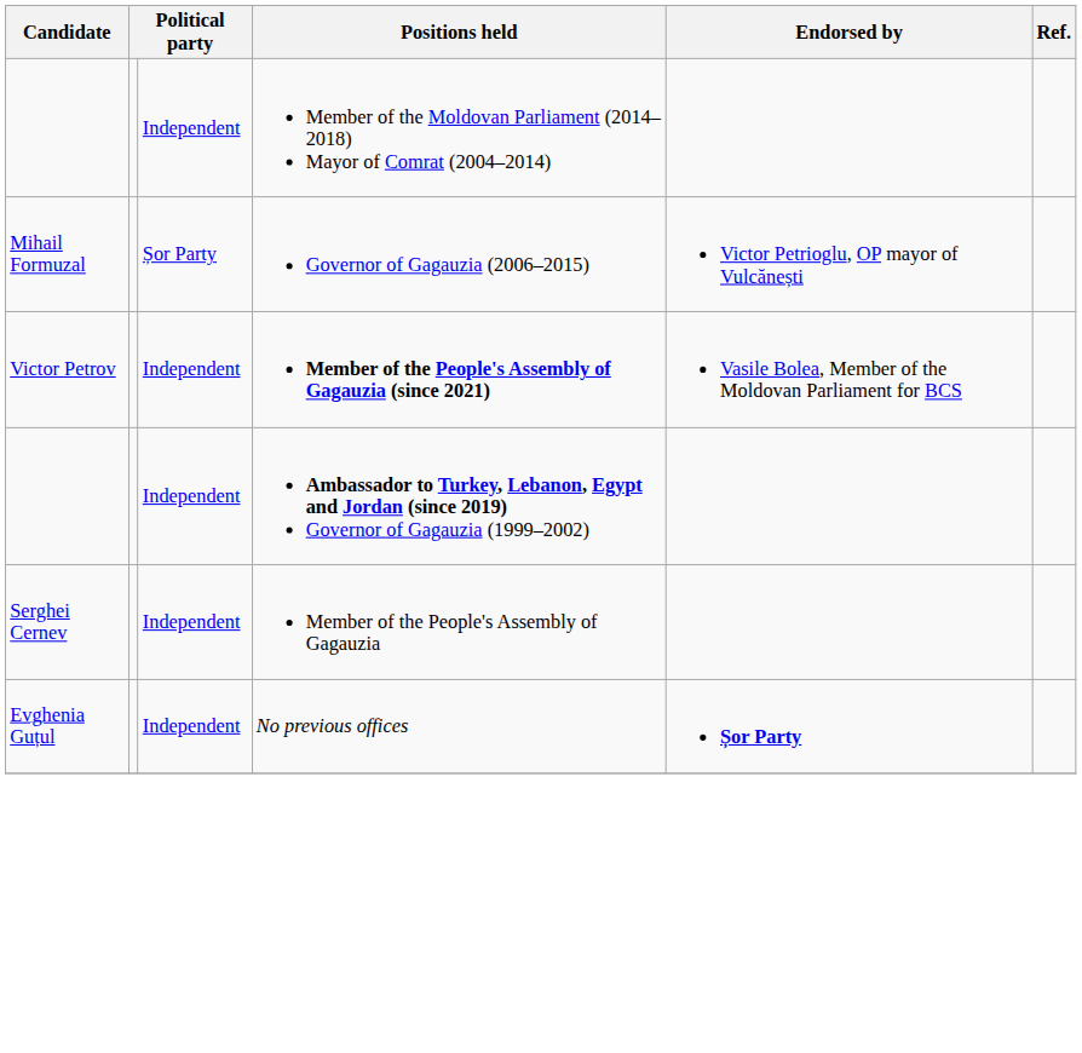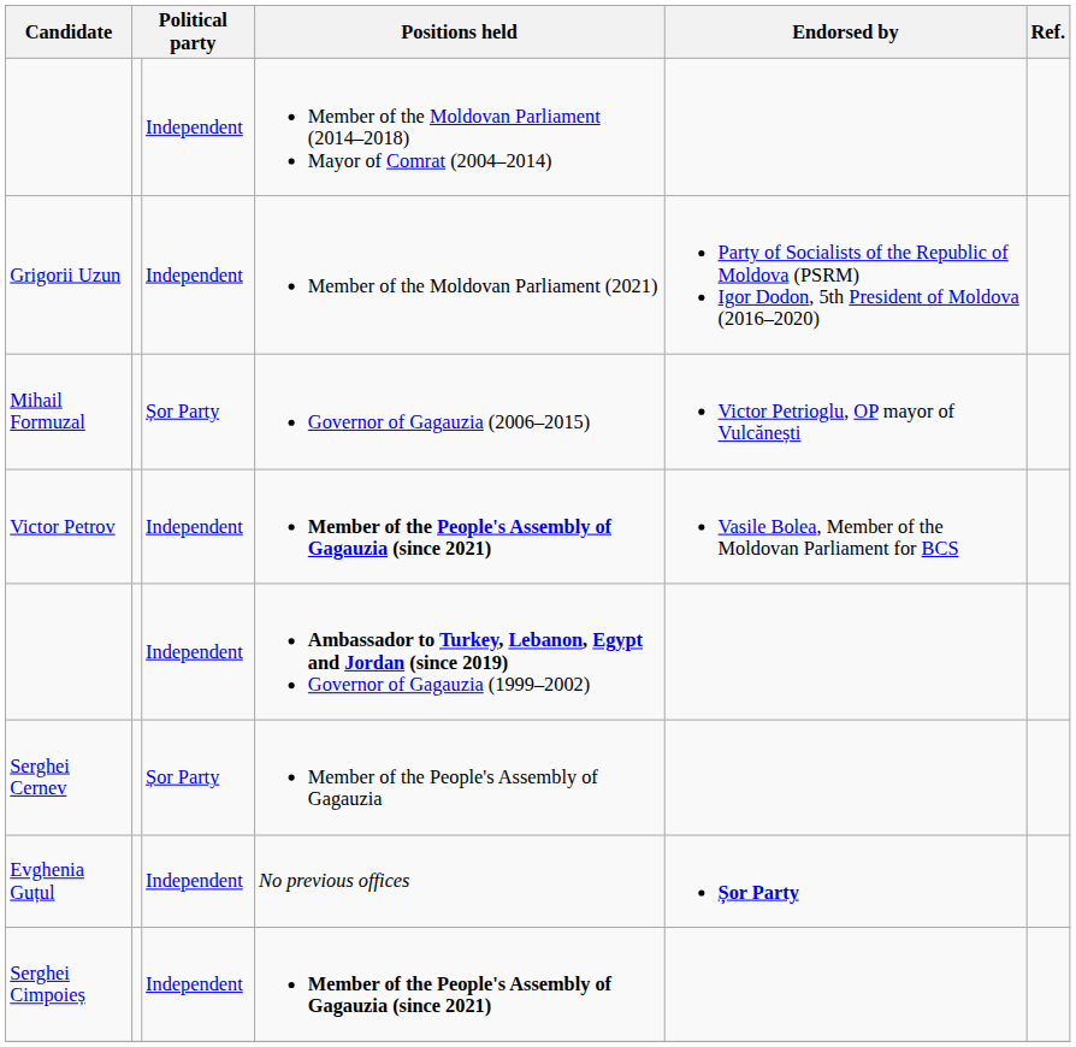 <table class="wikitable sortable">
 <tr>
 <th>Candidate</th>
 <th colspan="2">Political party</th>
 <th>Positions held</th>
 <th>Endorsed by</th>
 <th>Ref.</th>
 </tr>
 <tr>
 <td></td>
 <td style="background:"></td>
 <td><a href='#'>Independent</a></td>
 <td><br><ul><li>Member of the <a href='#'>Moldovan Parliament</a> (2014–2018)</li><li>Mayor of <a href='#'>Comrat</a> (2004–2014)</li></ul></td>
 <td></td>
+<td></td>
+</tr>
+<tr>
+<td><a href='#'>Grigorii Uzun</a></td>
+<td style="background:"></td>
+<td><a href='#'>Independent</a></td>
+<td><br><ul><li>Member of the Moldovan Parliament (2021)</li></ul></td>
+<td><br><ul><li><a href='#'>Party of Socialists of the Republic of Moldova</a> (PSRM)</li><li><a href='#'>Igor Dodon</a>, 5th <a href='#'>President of Moldova</a> (2016–2020)</li></ul></td>
 <td></td>
 </tr>
 <tr>
 <td><a href='#'>Mihail Formuzal</a></td>
 <td style="background:"></td>
 <td><a href='#'>Șor Party</a></td>
 <td><br><ul><li><a href='#'>Governor of Gagauzia</a> (2006–2015)</li></ul></td>
 <td><br><ul><li><a href='#'>Victor Petrioglu</a>, <a href='#'>OP</a> mayor of <a href='#'>Vulcănești</a></li></ul></td>
 <td></td>
 </tr>
 <tr>
 <td><a href='#'>Victor Petrov</a></td>
 <td style="background:"></td>
 <td><a href='#'>Independent</a></td>
 <td><br><ul><li><strong>Member of the <a href='#'>People's Assembly of Gagauzia</a> (since 2021)</strong></li></ul></td>
 <td><br><ul><li><a href='#'>Vasile Bolea</a>, Member of the Moldovan Parliament for <a href='#'>BCS</a></li></ul></td>
 <td></td>
 </tr>
 <tr>
 <td></td>
 <td style="background:"></td>
 <td><a href='#'>Independent</a></td>
 <td><br><ul><li><strong>Ambassador to <a href='#'>Turkey</a>, <a href='#'>Lebanon</a>, <a href='#'>Egypt</a> and <a href='#'>Jordan</a> (since 2019)</strong></li><li><a href='#'>Governor of Gagauzia</a> (1999–2002)</li></ul></td>
 <td></td>
 <td></td>
 </tr>
 <tr>
 <td><a href='#'>Serghei Cernev</a></td>
 <td style="background:"></td>
-<td><a href='#'>Independent</a></td>
+<td><a href='#'>Șor Party</a></td>
 <td><br><ul><li>Member of the People's Assembly of Gagauzia</li></ul></td>
 <td></td>
 <td></td>
 </tr>
 <tr>
 <td><a href='#'>Evghenia Guțul</a></td>
 <td style="background:"></td>
 <td><a href='#'>Independent</a></td>
 <td><em>No previous offices</em></td>
 <td><strong><br><ul><li><a href='#'>Șor Party</a></li></ul></strong></td>
 <td></td>
 </tr>
 <tr>
+<td><a href='#'>Serghei Cimpoieș</a></td>
+<td style="background:"></td>
+<td><a href='#'>Independent</a></td>
+<td><br><ul><li><strong>Member of the People's Assembly of Gagauzia (since 2021)</strong></li></ul></td>
+<td></td>
+<td></td>
+</tr>
+<tr>
 </tr>
 </table>
